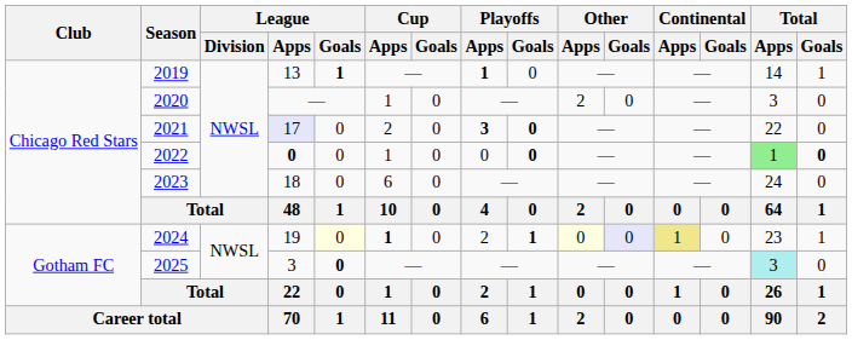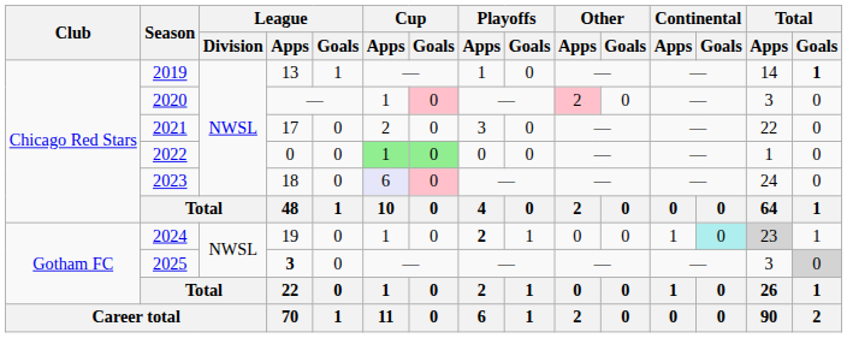 <table class="wikitable" style="text-align: center;">
 <tr>
 <th rowspan="2">Club</th>
 <th rowspan="2">Season</th>
 <th colspan="3">League</th>
 <th colspan="2">Cup</th>
 <th colspan="2">Playoffs</th>
 <th colspan="2">Other</th>
 <th colspan="2">Continental</th>
 <th colspan="2">Total</th>
 </tr>
 <tr>
 <th>Division</th>
 <th>Apps</th>
 <th>Goals</th>
 <th>Apps</th>
 <th>Goals</th>
 <th>Apps</th>
 <th>Goals</th>
 <th>Apps</th>
 <th>Goals</th>
 <th>Apps</th>
 <th>Goals</th>
 <th>Apps</th>
 <th>Goals</th>
 </tr>
 <tr>
 <td rowspan="6"><a href='#'>Chicago Red Stars</a></td>
 <td><a href='#'>2019</a></td>
 <td rowspan="5"><a href='#'>NWSL</a></td>
 <td>13</td>
-<td><strong>1</strong></td>
+<td>1</td>
 <td colspan="2">—</td>
-<td><strong>1</strong></td>
+<td>1</td>
 <td>0</td>
 <td colspan="2">—</td>
 <td colspan="2">—</td>
 <td>14</td>
-<td>1</td>
+<td><strong>1</strong></td>
 </tr>
 <tr>
 <td><a href='#'>2020</a></td>
 <td colspan="2">—</td>
 <td>1</td>
-<td>0</td>
+<td style="background: pink;">0</td>
 <td colspan="2">—</td>
-<td>2</td>
+<td style="background: pink;">2</td>
 <td>0</td>
 <td colspan="2">—</td>
 <td>3</td>
 <td>0</td>
 </tr>
 <tr>
 <td><a href='#'>2021</a></td>
-<td style="background: lavender;">17</td>
+<td>17</td>
 <td>0</td>
 <td>2</td>
 <td>0</td>
-<td><strong>3</strong></td>
-<td><strong>0</strong></td>
+<td>3</td>
+<td>0</td>
 <td colspan="2">—</td>
 <td colspan="2">—</td>
 <td>22</td>
 <td>0</td>
 </tr>
 <tr>
 <td><a href='#'>2022</a></td>
-<td><strong>0</strong></td>
 <td>0</td>
+<td>0</td>
+<td style="background: lightgreen;">1</td>
+<td style="background: lightgreen;">0</td>
+<td>0</td>
+<td>0</td>
+<td colspan="2">—</td>
+<td colspan="2">—</td>
 <td>1</td>
 <td>0</td>
-<td>0</td>
-<td><strong>0</strong></td>
-<td colspan="2">—</td>
-<td colspan="2">—</td>
-<td style="background: lightgreen;">1</td>
-<td><strong>0</strong></td>
 </tr>
 <tr>
 <td><a href='#'>2023</a></td>
 <td>18</td>
 <td>0</td>
-<td>6</td>
-<td>0</td>
+<td style="background: lavender;">6</td>
+<td style="background: pink;">0</td>
 <td colspan="2">—</td>
 <td colspan="2">—</td>
 <td colspan="2">—</td>
 <td>24</td>
 <td>0</td>
 </tr>
 <tr>
 <th colspan="2">Total</th>
 <th>48</th>
 <th>1</th>
 <th>10</th>
 <th>0</th>
 <th>4</th>
 <th>0</th>
 <th>2</th>
 <th>0</th>
 <th>0</th>
 <th>0</th>
 <th>64</th>
 <th>1</th>
 </tr>
 <tr>
 <td rowspan="3"><a href='#'>Gotham FC</a></td>
 <td><a href='#'>2024</a></td>
 <td rowspan="2">NWSL</td>
 <td>19</td>
-<td style="background: lightyellow;">0</td>
-<td><strong>1</strong></td>
 <td>0</td>
-<td>2</td>
-<td><strong>1</strong></td>
-<td style="background: lightyellow;">0</td>
-<td style="background: lavender;">0</td>
-<td style="background: khaki;">1</td>
+<td>1</td>
 <td>0</td>
-<td>23</td>
+<td><strong>2</strong></td>
+<td>1</td>
+<td>0</td>
+<td>0</td>
+<td>1</td>
+<td style="background: paleturquoise;">0</td>
+<td style="background: lightgrey;">23</td>
 <td>1</td>
 </tr>
 <tr>
 <td><a href='#'>2025</a></td>
-<td>3</td>
-<td><strong>0</strong></td>
+<td><strong>3</strong></td>
+<td>0</td>
 <td colspan="2">—</td>
 <td colspan="2">—</td>
 <td colspan="2">—</td>
 <td colspan="2">—</td>
-<td style="background: paleturquoise;">3</td>
-<td>0</td>
+<td>3</td>
+<td style="background: lightgrey;">0</td>
 </tr>
 <tr>
 <th colspan="2">Total</th>
 <th>22</th>
 <th>0</th>
 <th>1</th>
 <th>0</th>
 <th>2</th>
 <th>1</th>
 <th>0</th>
 <th>0</th>
 <th>1</th>
 <th>0</th>
 <th>26</th>
 <th>1</th>
 </tr>
 <tr>
 <th colspan="3">Career total</th>
 <th>70</th>
 <th>1</th>
 <th>11</th>
 <th>0</th>
 <th>6</th>
 <th>1</th>
 <th>2</th>
 <th>0</th>
 <th>0</th>
 <th>0</th>
 <th>90</th>
 <th>2</th>
 </tr>
 </table>
